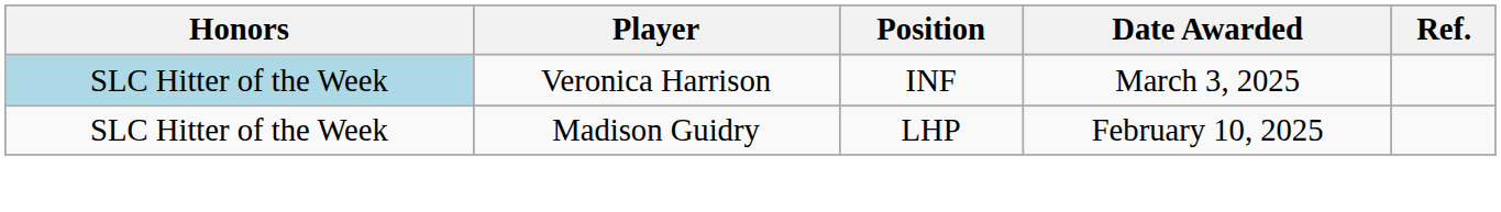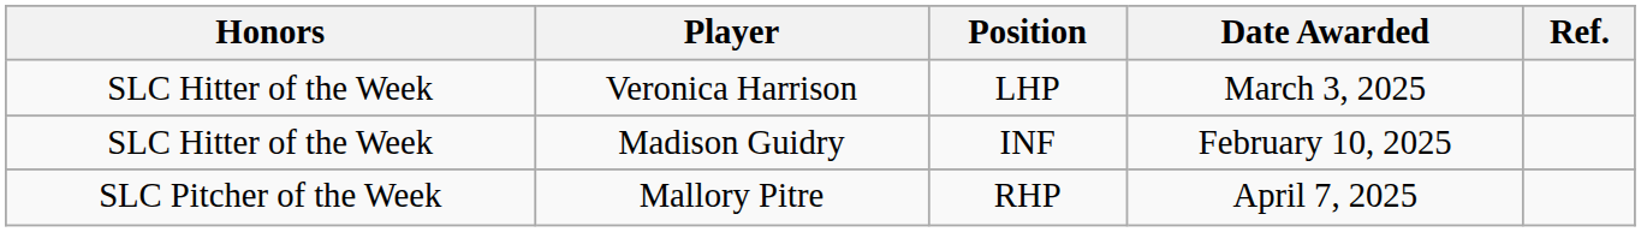 <table class="wikitable" style="width: 60%;text-align: center;">
 <tr>
 <th>Honors</th>
 <th>Player</th>
 <th>Position</th>
 <th>Date Awarded</th>
 <th>Ref.</th>
 </tr>
 <tr align="center">
-<td rowspan="1" style="background: lightblue;">SLC Hitter of the Week</td>
+<td rowspan="1">SLC Hitter of the Week</td>
 <td>Veronica Harrison</td>
-<td>INF</td>
+<td>LHP</td>
 <td>March 3, 2025</td>
 <td></td>
 </tr>
 <tr align="center">
 <td rowspan="1">SLC Hitter of the Week</td>
 <td>Madison Guidry</td>
-<td>LHP</td>
+<td>INF</td>
 <td>February 10, 2025</td>
 <td></td>
 </tr>
+<tr align="center">
+<td rowspan="1">SLC Pitcher of the Week</td>
+<td>Mallory Pitre</td>
+<td>RHP</td>
+<td>April 7, 2025</td>
+<td></td>
+</tr>
 </table>
